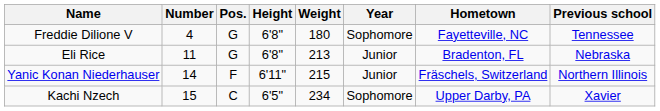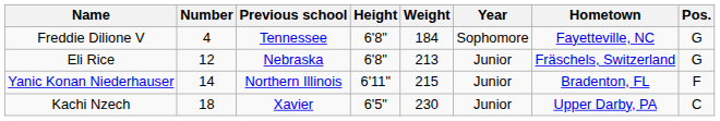 <table class="wikitable sortable sortable" style="text-align:center">
 <tr align=center>
 <th>Name</th>
 <th>Number</th>
-<th>Pos.</th>
+<th class="unsortable">Previous school</th>
 <th>Height</th>
 <th>Weight</th>
 <th>Year</th>
 <th>Hometown</th>
-<th class="unsortable">Previous school</th>
+<th>Pos.</th>
 </tr>
 <tr>
 <td>Freddie Dilione V</td>
 <td>4</td>
-<td>G</td>
+<td><a href='#'>Tennessee</a></td>
 <td>6'8"</td>
-<td>180</td>
+<td>184</td>
 <td>Sophomore</td>
 <td><a href='#'>Fayetteville, NC</a></td>
-<td><a href='#'>Tennessee</a></td>
+<td>G</td>
 </tr>
 <tr>
 <td>Eli Rice</td>
-<td>11</td>
-<td>G</td>
+<td>12</td>
+<td><a href='#'>Nebraska</a></td>
 <td>6'8"</td>
 <td>213</td>
 <td>Junior</td>
-<td><a href='#'>Bradenton, FL</a></td>
-<td><a href='#'>Nebraska</a></td>
+<td><a href='#'>Fräschels, Switzerland</a></td>
+<td>G</td>
 </tr>
 <tr>
 <td><a href='#'>Yanic Konan Niederhauser</a></td>
 <td>14</td>
-<td>F</td>
+<td><a href='#'>Northern Illinois</a></td>
 <td>6'11"</td>
 <td>215</td>
 <td>Junior</td>
-<td><a href='#'>Fräschels, Switzerland</a></td>
-<td><a href='#'>Northern Illinois</a></td>
+<td><a href='#'>Bradenton, FL</a></td>
+<td>F</td>
 </tr>
 <tr>
 <td>Kachi Nzech</td>
-<td>15</td>
+<td>18</td>
+<td><a href='#'>Xavier</a></td>
+<td>6'5"</td>
+<td>230</td>
+<td>Junior</td>
+<td><a href='#'>Upper Darby, PA</a></td>
 <td>C</td>
-<td>6'5"</td>
-<td>234</td>
-<td>Sophomore</td>
-<td><a href='#'>Upper Darby, PA</a></td>
-<td><a href='#'>Xavier</a></td>
 </tr>
 </table>
